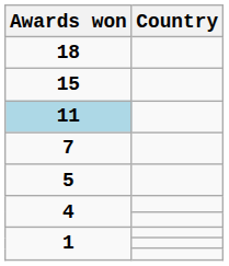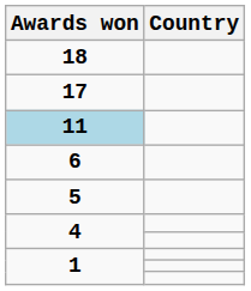 <table class="wikitable sortable">
 <tr>
 <th>Awards won</th>
 <th>Country</th>
 </tr>
 <tr>
 <td align=center><strong>18</strong></td>
 <td></td>
 </tr>
 <tr>
-<td align=center><strong>15</strong></td>
+<td align=center><strong>17</strong></td>
 <td></td>
 </tr>
 <tr>
 <td align=center style="background: lightblue;"><strong>11</strong></td>
 <td></td>
 </tr>
 <tr>
-<td align=center><strong>7</strong></td>
+<td align=center><strong>6</strong></td>
 <td></td>
 </tr>
 <tr>
 <td align=center><strong>5</strong></td>
 <td></td>
 </tr>
 <tr>
 <td rowspan="2" align=center><strong>4</strong></td>
 <td></td>
 </tr>
 <tr>
 <td><em></em></td>
 </tr>
 <tr>
 <td rowspan="3" align=center><strong>1</strong></td>
 <td></td>
 </tr>
 <tr>
 <td></td>
 </tr>
 <tr>
 <td></td>
 </tr>
 </table>
